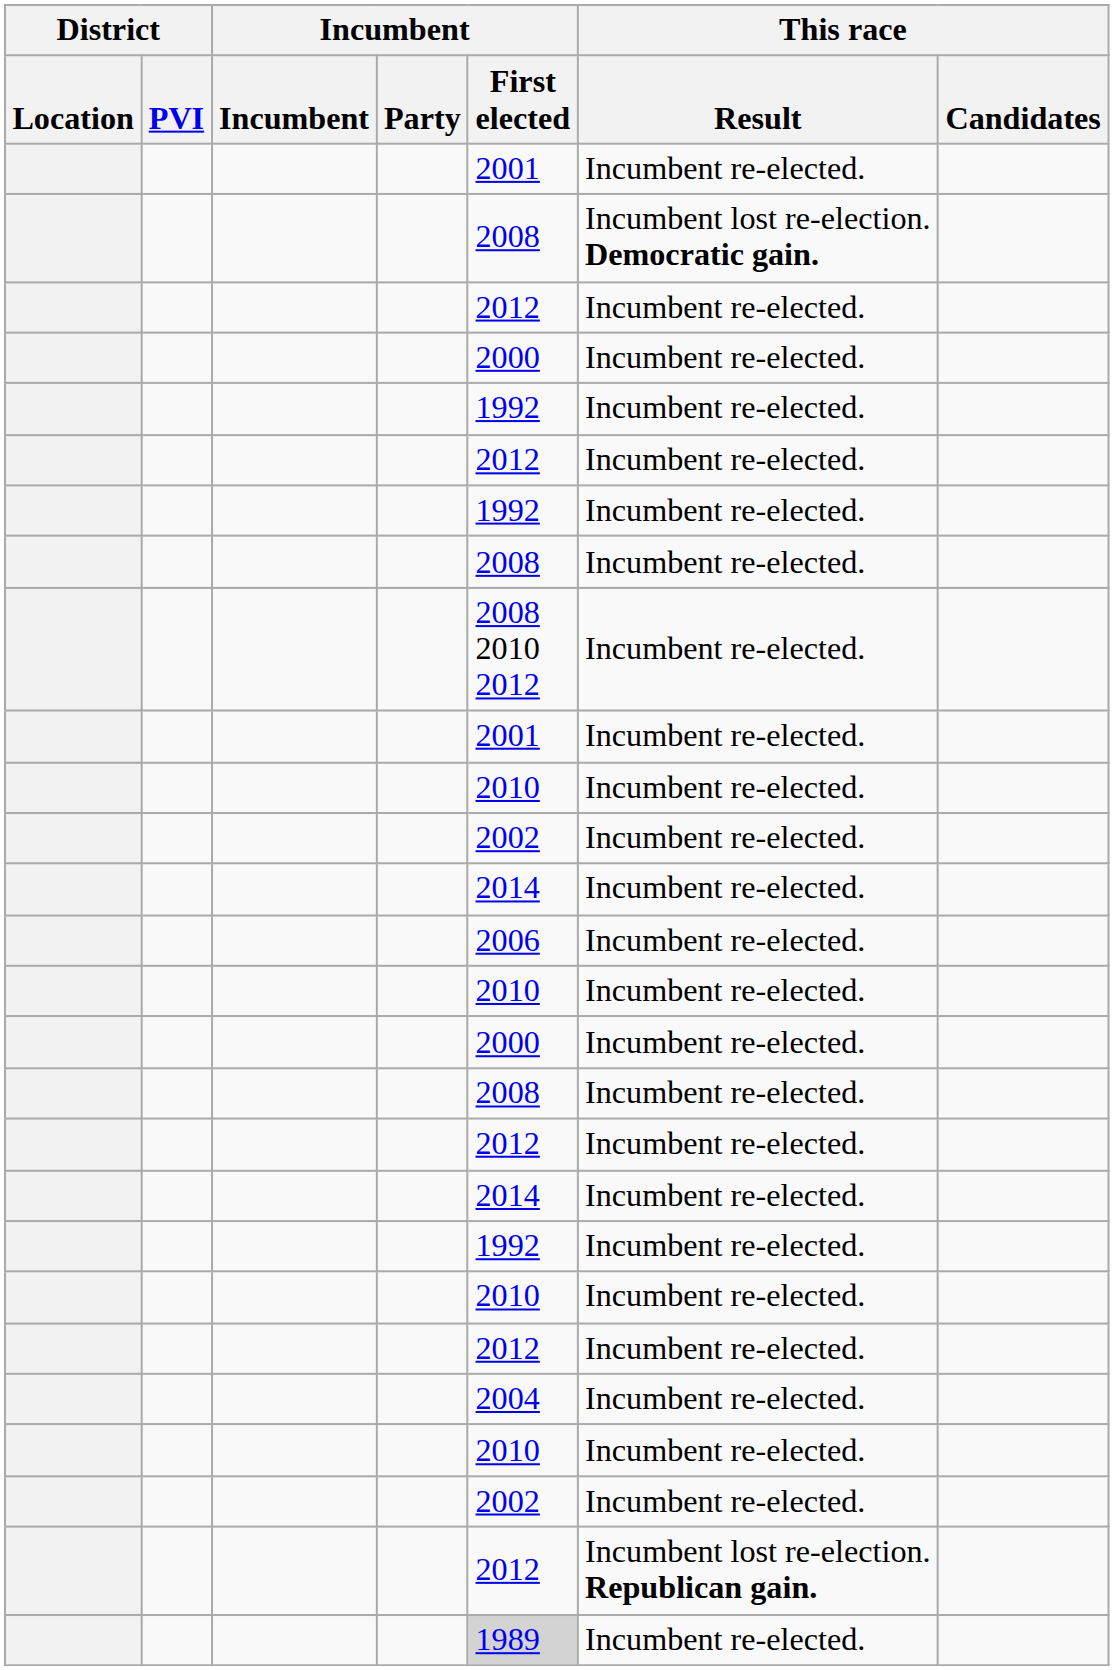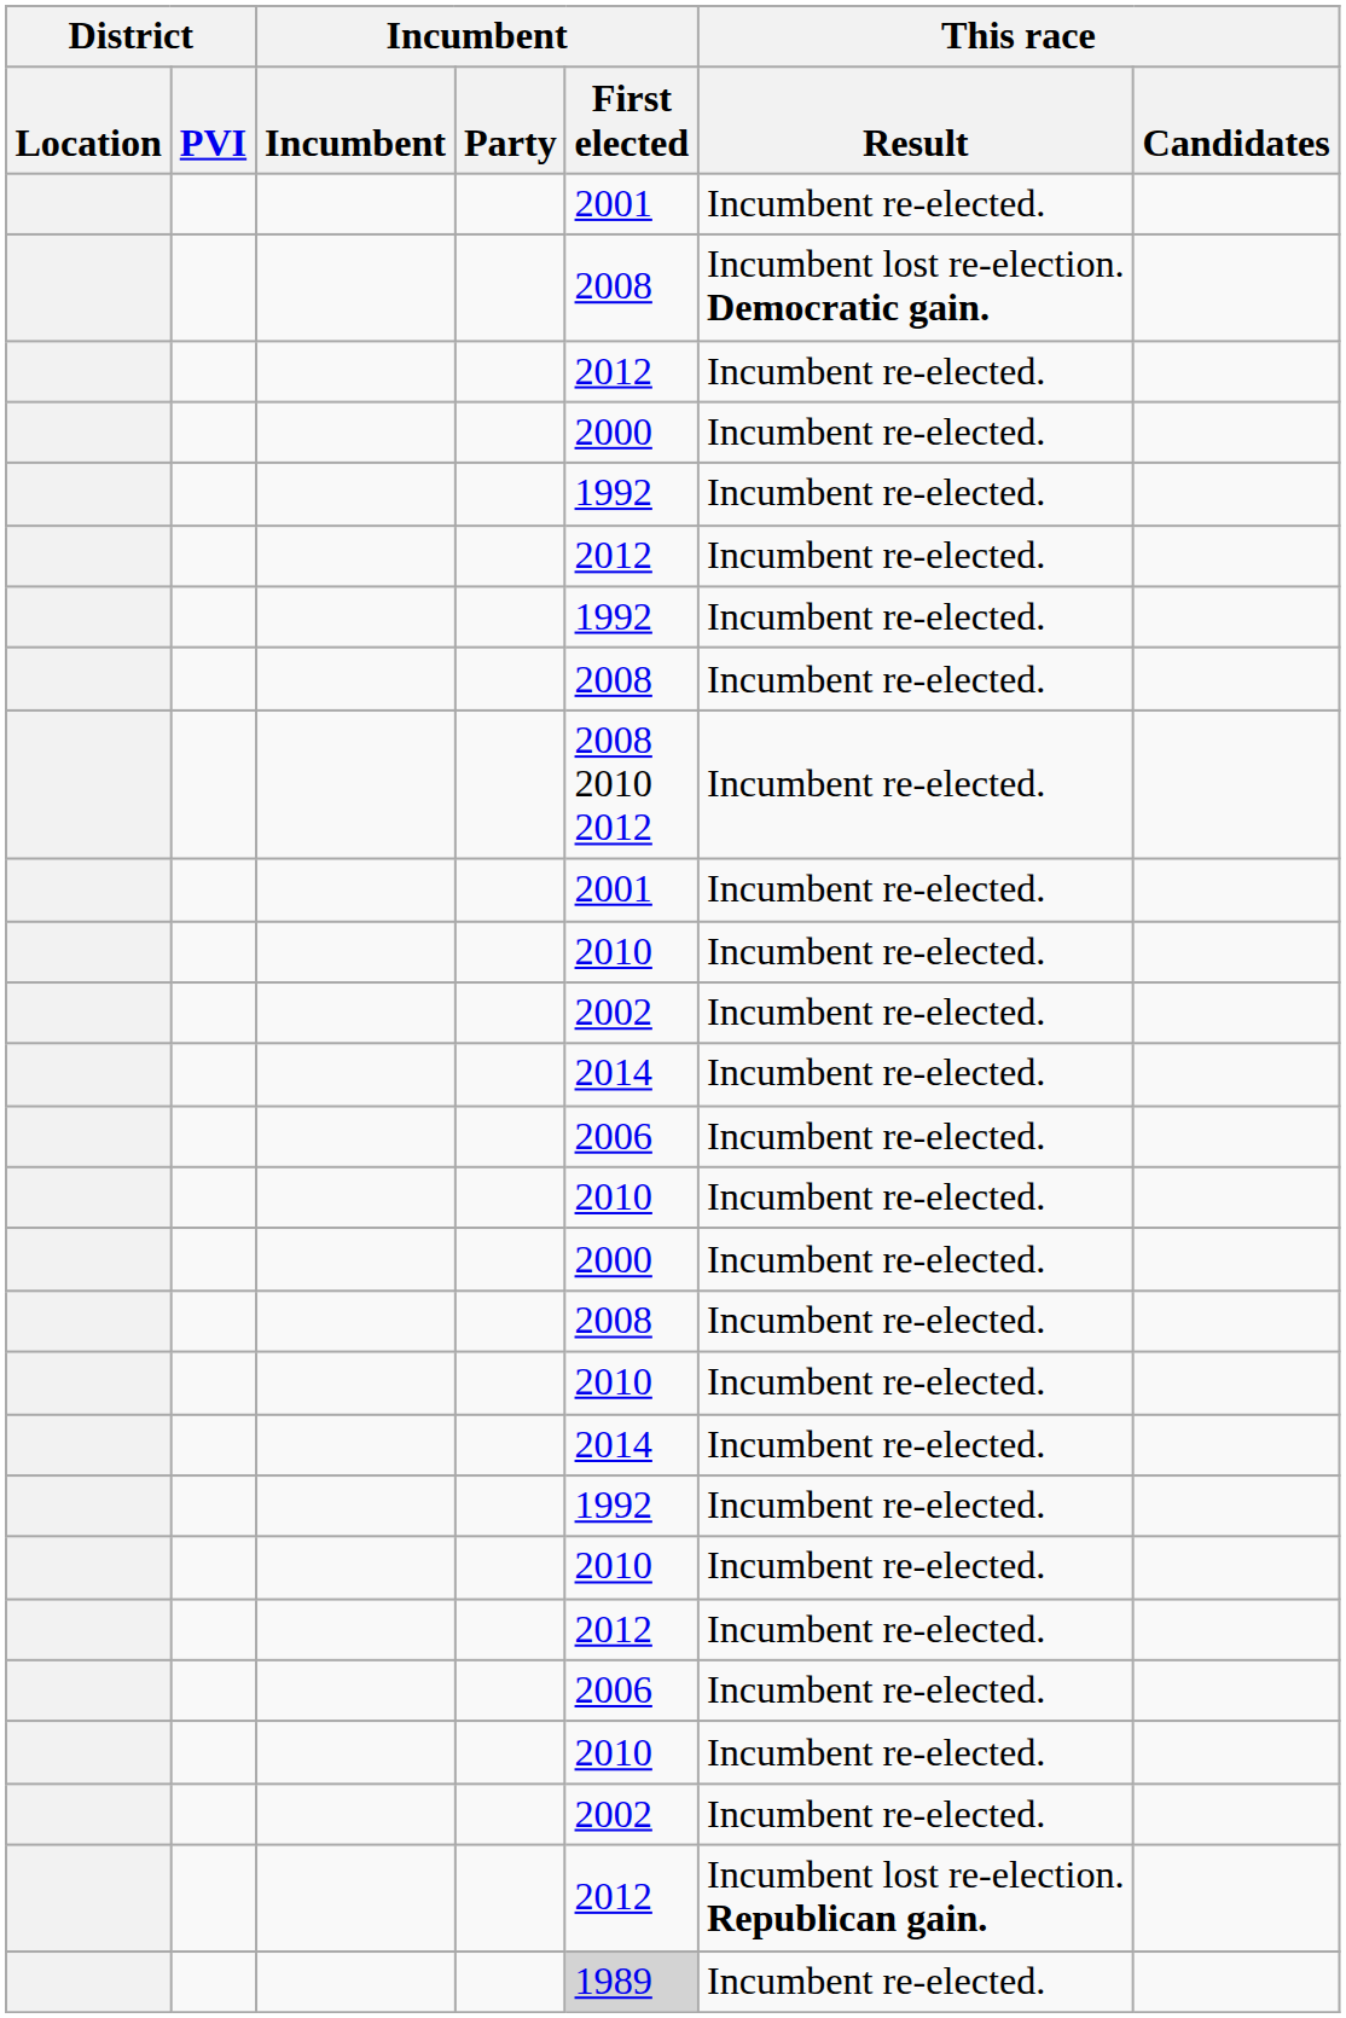 <table class="wikitable sortable">
 <tr valign=bottom>
 <th colspan=2>District</th>
 <th colspan=3>Incumbent</th>
 <th colspan=2>This race</th>
 </tr>
 <tr valign=bottom>
 <th>Location</th>
 <th><a href='#'>PVI</a></th>
 <th>Incumbent</th>
 <th>Party</th>
 <th>First<br>elected</th>
 <th>Result</th>
 <th>Candidates</th>
 </tr>
 <tr>
 <th></th>
 <td></td>
 <td></td>
 <td></td>
 <td><a href='#'>2001 </a></td>
 <td>Incumbent re-elected.</td>
 <td nowrap></td>
 </tr>
 <tr>
 <th></th>
 <td></td>
 <td></td>
 <td></td>
 <td><a href='#'>2008</a></td>
 <td>Incumbent lost re-election.<br><strong>Democratic gain.</strong></td>
 <td nowrap></td>
 </tr>
 <tr>
 <th></th>
 <td></td>
 <td></td>
 <td></td>
 <td><a href='#'>2012</a></td>
 <td>Incumbent re-elected.</td>
 <td nowrap></td>
 </tr>
 <tr>
 <th></th>
 <td></td>
 <td></td>
 <td></td>
 <td><a href='#'>2000</a></td>
 <td>Incumbent re-elected.</td>
 <td nowrap></td>
 </tr>
 <tr>
 <th></th>
 <td></td>
 <td></td>
 <td></td>
 <td><a href='#'>1992</a></td>
 <td>Incumbent re-elected.</td>
 <td nowrap></td>
 </tr>
 <tr>
 <th></th>
 <td></td>
 <td></td>
 <td></td>
 <td><a href='#'>2012</a></td>
 <td>Incumbent re-elected.</td>
 <td nowrap></td>
 </tr>
 <tr>
 <th></th>
 <td></td>
 <td></td>
 <td></td>
 <td><a href='#'>1992</a></td>
 <td>Incumbent re-elected.</td>
 <td nowrap></td>
 </tr>
 <tr>
 <th></th>
 <td></td>
 <td></td>
 <td></td>
 <td><a href='#'>2008</a></td>
 <td>Incumbent re-elected.</td>
 <td nowrap></td>
 </tr>
 <tr>
 <th></th>
 <td></td>
 <td></td>
 <td></td>
 <td><a href='#'>2008</a><br>2010 <br><a href='#'>2012</a></td>
 <td>Incumbent re-elected.</td>
 <td nowrap></td>
 </tr>
 <tr>
 <th></th>
 <td></td>
 <td></td>
 <td></td>
 <td><a href='#'>2001</a></td>
 <td>Incumbent re-elected.</td>
 <td nowrap></td>
 </tr>
 <tr>
 <th></th>
 <td></td>
 <td></td>
 <td></td>
 <td><a href='#'>2010</a></td>
 <td>Incumbent re-elected.</td>
 <td nowrap></td>
 </tr>
 <tr>
 <th></th>
 <td></td>
 <td></td>
 <td></td>
 <td><a href='#'>2002</a></td>
 <td>Incumbent re-elected.</td>
 <td nowrap></td>
 </tr>
 <tr>
 <th></th>
 <td></td>
 <td></td>
 <td></td>
 <td><a href='#'>2014 </a></td>
 <td>Incumbent re-elected.</td>
 <td nowrap></td>
 </tr>
 <tr>
 <th></th>
 <td></td>
 <td></td>
 <td></td>
 <td><a href='#'>2006</a></td>
 <td>Incumbent re-elected.</td>
 <td nowrap></td>
 </tr>
 <tr>
 <th></th>
 <td></td>
 <td></td>
 <td></td>
 <td><a href='#'>2010</a></td>
 <td>Incumbent re-elected.</td>
 <td nowrap></td>
 </tr>
 <tr>
 <th></th>
 <td></td>
 <td></td>
 <td></td>
 <td><a href='#'>2000</a></td>
 <td>Incumbent re-elected.</td>
 <td nowrap></td>
 </tr>
 <tr>
 <th></th>
 <td></td>
 <td></td>
 <td></td>
 <td><a href='#'>2008</a></td>
 <td>Incumbent re-elected.</td>
 <td nowrap></td>
 </tr>
 <tr>
 <th></th>
 <td></td>
 <td></td>
 <td></td>
-<td><a href='#'>2012</a></td>
+<td><a href='#'>2010</a></td>
 <td>Incumbent re-elected.</td>
 <td nowrap></td>
 </tr>
 <tr>
 <th></th>
 <td></td>
 <td></td>
 <td></td>
 <td><a href='#'>2014 </a></td>
 <td>Incumbent re-elected.</td>
 <td nowrap></td>
 </tr>
 <tr>
 <th></th>
 <td></td>
 <td></td>
 <td></td>
 <td><a href='#'>1992</a></td>
 <td>Incumbent re-elected.</td>
 <td nowrap></td>
 </tr>
 <tr>
 <th></th>
 <td></td>
 <td></td>
 <td></td>
 <td><a href='#'>2010 </a></td>
 <td>Incumbent re-elected.</td>
 <td nowrap></td>
 </tr>
 <tr>
 <th></th>
 <td></td>
 <td></td>
 <td></td>
 <td><a href='#'>2012</a></td>
 <td>Incumbent re-elected.</td>
 <td nowrap></td>
 </tr>
 <tr>
 <th></th>
 <td></td>
 <td></td>
 <td></td>
-<td><a href='#'>2004</a></td>
+<td><a href='#'>2006</a></td>
 <td>Incumbent re-elected.</td>
 <td nowrap></td>
 </tr>
 <tr>
 <th></th>
 <td></td>
 <td></td>
 <td></td>
 <td><a href='#'>2010</a></td>
 <td>Incumbent re-elected.</td>
 <td nowrap></td>
 </tr>
 <tr>
 <th></th>
 <td></td>
 <td></td>
 <td></td>
 <td><a href='#'>2002</a></td>
 <td>Incumbent re-elected.</td>
 <td nowrap></td>
 </tr>
 <tr>
 <th></th>
 <td></td>
 <td></td>
 <td></td>
 <td><a href='#'>2012</a></td>
 <td>Incumbent lost re-election.<br><strong>Republican gain.</strong></td>
 <td nowrap></td>
 </tr>
 <tr>
 <th></th>
 <td></td>
 <td></td>
 <td></td>
 <td style="background: lightgrey;"><a href='#'>1989 </a></td>
 <td>Incumbent re-elected.</td>
 <td nowrap></td>
 </tr>
 </table>
